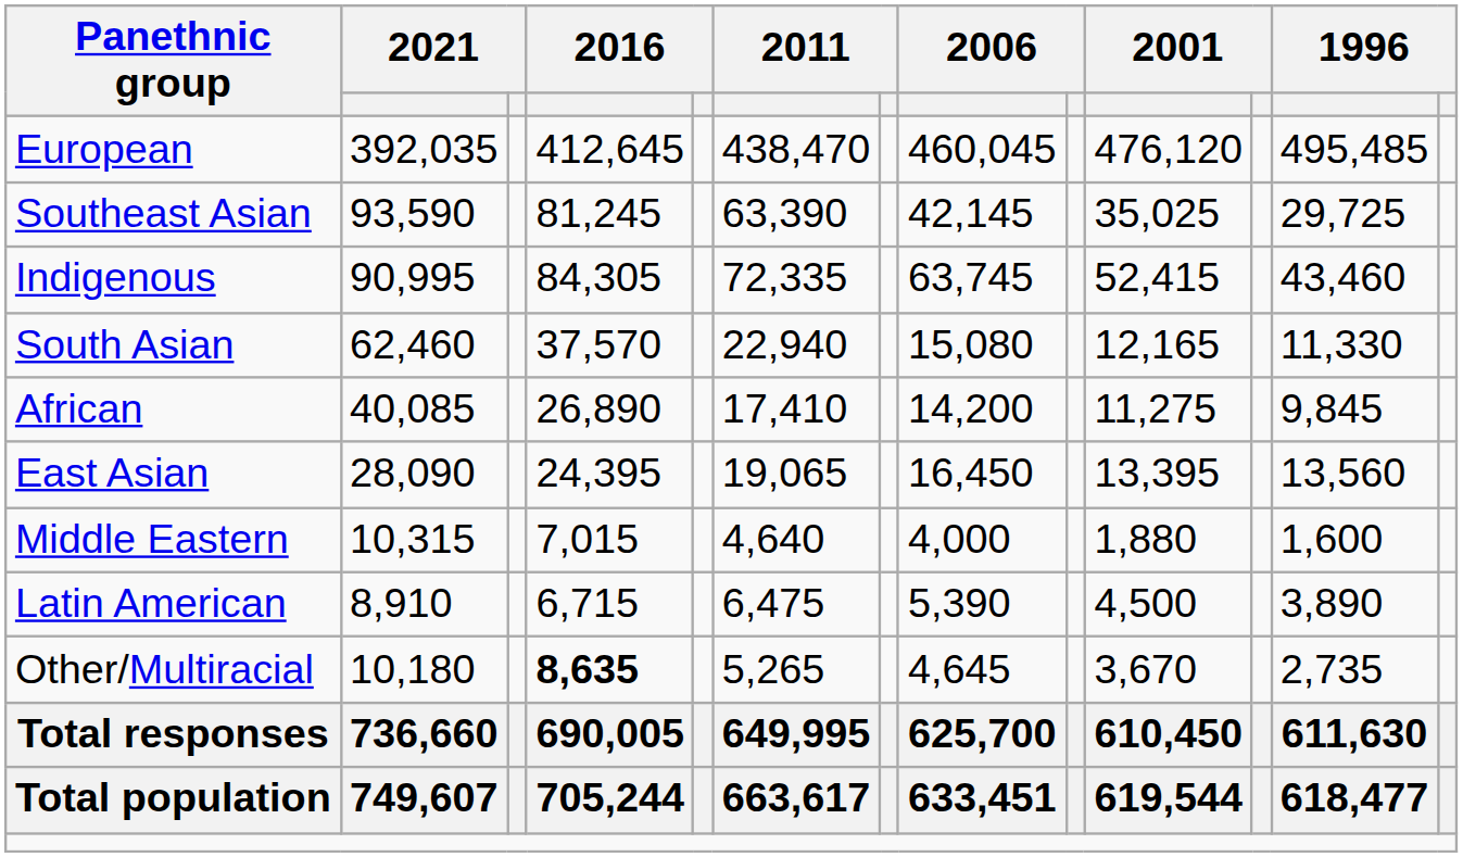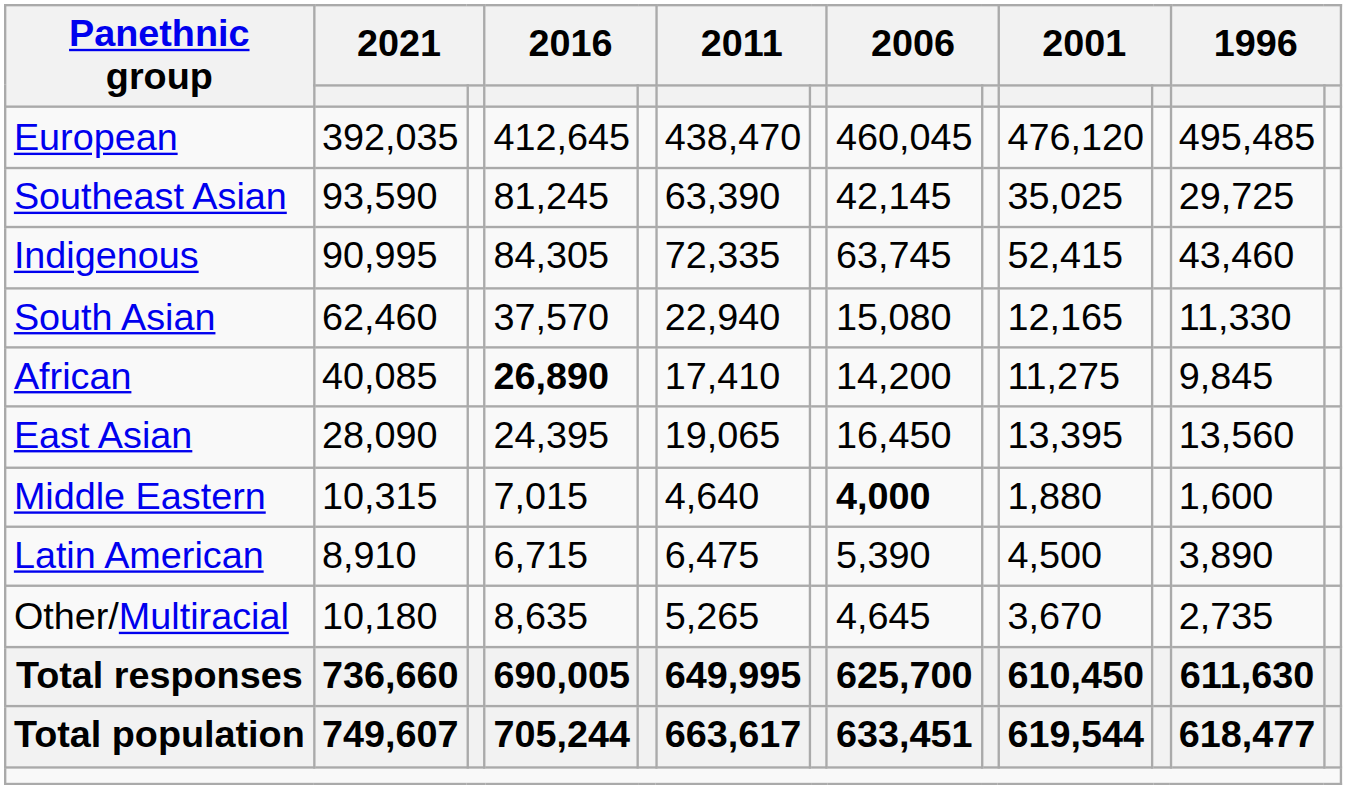 <table class="wikitable collapsible sortable">
 <tr>
 <th rowspan="2"><a href='#'>Panethnic</a><br>group</th>
 <th colspan="2">2021</th>
 <th colspan="2">2016</th>
 <th colspan="2">2011</th>
 <th colspan="2">2006</th>
 <th colspan="2">2001</th>
 <th colspan="2">1996</th>
 </tr>
 <tr>
 <th><a href='#'></a></th>
 <th></th>
 <th></th>
 <th></th>
 <th></th>
 <th></th>
 <th></th>
 <th></th>
 <th></th>
 <th></th>
 <th></th>
 <th></th>
 </tr>
 <tr>
 <td><a href='#'>European</a></td>
 <td>392,035</td>
 <td></td>
 <td>412,645</td>
 <td></td>
 <td>438,470</td>
 <td></td>
 <td>460,045</td>
 <td></td>
 <td>476,120</td>
 <td></td>
 <td>495,485</td>
 <td></td>
 </tr>
 <tr>
 <td><a href='#'>Southeast Asian</a></td>
 <td>93,590</td>
 <td></td>
 <td>81,245</td>
 <td></td>
 <td>63,390</td>
 <td></td>
 <td>42,145</td>
 <td></td>
 <td>35,025</td>
 <td></td>
 <td>29,725</td>
 <td></td>
 </tr>
 <tr>
 <td><a href='#'>Indigenous</a></td>
 <td>90,995</td>
 <td></td>
 <td>84,305</td>
 <td></td>
 <td>72,335</td>
 <td></td>
 <td>63,745</td>
 <td></td>
 <td>52,415</td>
 <td></td>
 <td>43,460</td>
 <td></td>
 </tr>
 <tr>
 <td><a href='#'>South Asian</a></td>
 <td>62,460</td>
 <td></td>
 <td>37,570</td>
 <td></td>
 <td>22,940</td>
 <td></td>
 <td>15,080</td>
 <td></td>
 <td>12,165</td>
 <td></td>
 <td>11,330</td>
 <td></td>
 </tr>
 <tr>
 <td><a href='#'>African</a></td>
 <td>40,085</td>
 <td></td>
-<td>26,890</td>
+<td><strong>26,890</strong></td>
 <td></td>
 <td>17,410</td>
 <td></td>
 <td>14,200</td>
 <td></td>
 <td>11,275</td>
 <td></td>
 <td>9,845</td>
 <td></td>
 </tr>
 <tr>
 <td><a href='#'>East Asian</a></td>
 <td>28,090</td>
 <td></td>
 <td>24,395</td>
 <td></td>
 <td>19,065</td>
 <td></td>
 <td>16,450</td>
 <td></td>
 <td>13,395</td>
 <td></td>
 <td>13,560</td>
 <td></td>
 </tr>
 <tr>
 <td><a href='#'>Middle Eastern</a></td>
 <td>10,315</td>
 <td></td>
 <td>7,015</td>
 <td></td>
 <td>4,640</td>
 <td></td>
-<td>4,000</td>
+<td><strong>4,000</strong></td>
 <td></td>
 <td>1,880</td>
 <td></td>
 <td>1,600</td>
 <td></td>
 </tr>
 <tr>
 <td><a href='#'>Latin American</a></td>
 <td>8,910</td>
 <td></td>
 <td>6,715</td>
 <td></td>
 <td>6,475</td>
 <td></td>
 <td>5,390</td>
 <td></td>
 <td>4,500</td>
 <td></td>
 <td>3,890</td>
 <td></td>
 </tr>
 <tr>
 <td>Other/<a href='#'>Multiracial</a></td>
 <td>10,180</td>
 <td></td>
-<td><strong>8,635</strong></td>
+<td>8,635</td>
 <td></td>
 <td>5,265</td>
 <td></td>
 <td>4,645</td>
 <td></td>
 <td>3,670</td>
 <td></td>
 <td>2,735</td>
 <td></td>
 </tr>
 <tr>
 <th>Total responses</th>
 <th>736,660</th>
 <th></th>
 <th>690,005</th>
 <th></th>
 <th>649,995</th>
 <th></th>
 <th>625,700</th>
 <th></th>
 <th>610,450</th>
 <th></th>
 <th>611,630</th>
 <th></th>
 </tr>
 <tr>
 <th>Total population</th>
 <th>749,607</th>
 <th></th>
 <th>705,244</th>
 <th></th>
 <th>663,617</th>
 <th></th>
 <th>633,451</th>
 <th></th>
 <th>619,544</th>
 <th></th>
 <th>618,477</th>
 <th></th>
 </tr>
 <tr class="sortbottom">
 <td colspan="15"></td>
 </tr>
 </table>
